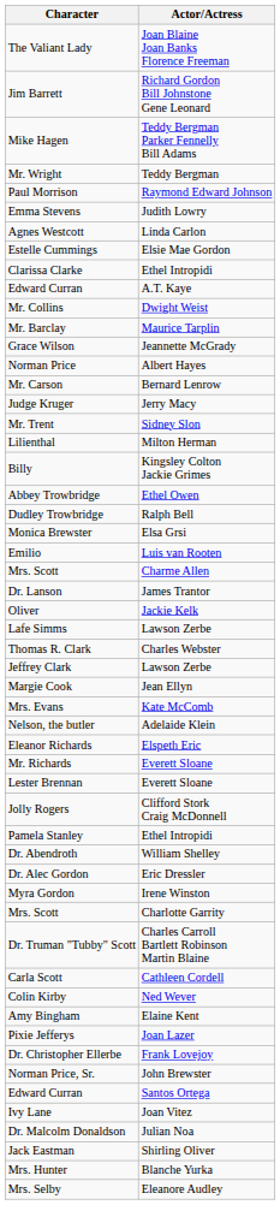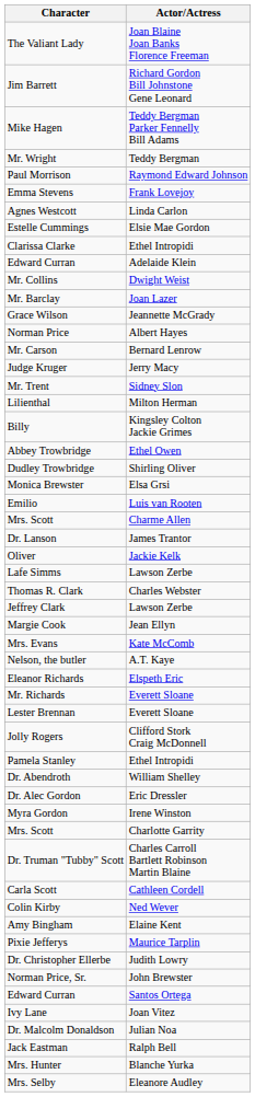 <table class="wikitable">
 <tr>
 <th>Character</th>
 <th>Actor/Actress</th>
 </tr>
 <tr>
 <td>The Valiant Lady</td>
 <td><a href='#'>Joan Blaine</a><br><a href='#'>Joan Banks</a><br><a href='#'>Florence Freeman</a></td>
 </tr>
 <tr>
 <td>Jim Barrett</td>
 <td><a href='#'>Richard Gordon</a><br><a href='#'>Bill Johnstone</a><br>Gene Leonard<br></td>
 </tr>
 <tr>
 <td>Mike Hagen</td>
 <td><a href='#'>Teddy Bergman</a><br><a href='#'>Parker Fennelly</a><br>Bill Adams</td>
 </tr>
 <tr>
 <td>Mr. Wright</td>
 <td>Teddy Bergman</td>
 </tr>
 <tr>
 <td>Paul Morrison</td>
 <td><a href='#'>Raymond Edward Johnson</a></td>
 </tr>
 <tr>
 <td>Emma Stevens</td>
-<td>Judith Lowry</td>
+<td><a href='#'>Frank Lovejoy</a></td>
 </tr>
 <tr>
 <td>Agnes Westcott</td>
 <td>Linda Carlon</td>
 </tr>
 <tr>
 <td>Estelle Cummings</td>
 <td>Elsie Mae Gordon</td>
 </tr>
 <tr>
 <td>Clarissa Clarke</td>
 <td>Ethel Intropidi</td>
 </tr>
 <tr>
 <td>Edward Curran</td>
-<td>A.T. Kaye</td>
+<td>Adelaide Klein</td>
 </tr>
 <tr>
 <td>Mr. Collins</td>
 <td><a href='#'>Dwight Weist</a></td>
 </tr>
 <tr>
 <td>Mr. Barclay</td>
-<td><a href='#'>Maurice Tarplin</a></td>
+<td><a href='#'>Joan Lazer</a></td>
 </tr>
 <tr>
 <td>Grace Wilson</td>
 <td>Jeannette McGrady</td>
 </tr>
 <tr>
 <td>Norman Price</td>
 <td>Albert Hayes</td>
 </tr>
 <tr>
 <td>Mr. Carson</td>
 <td>Bernard Lenrow</td>
 </tr>
 <tr>
 <td>Judge Kruger</td>
 <td>Jerry Macy</td>
 </tr>
 <tr>
 <td>Mr. Trent</td>
 <td><a href='#'>Sidney Slon</a></td>
 </tr>
 <tr>
 <td>Lilienthal</td>
 <td>Milton Herman</td>
 </tr>
 <tr>
 <td>Billy</td>
 <td>Kingsley Colton<br>Jackie Grimes</td>
 </tr>
 <tr>
 <td>Abbey Trowbridge</td>
 <td><a href='#'>Ethel Owen</a></td>
 </tr>
 <tr>
 <td>Dudley Trowbridge</td>
-<td>Ralph Bell</td>
+<td>Shirling Oliver</td>
 </tr>
 <tr>
 <td>Monica Brewster</td>
 <td>Elsa Grsi</td>
 </tr>
 <tr>
 <td>Emilio</td>
 <td><a href='#'>Luis van Rooten</a></td>
 </tr>
 <tr>
 <td>Mrs. Scott</td>
 <td><a href='#'>Charme Allen</a></td>
 </tr>
 <tr>
 <td>Dr. Lanson</td>
 <td>James Trantor</td>
 </tr>
 <tr>
 <td>Oliver</td>
 <td><a href='#'>Jackie Kelk</a></td>
 </tr>
 <tr>
 <td>Lafe Simms</td>
 <td>Lawson Zerbe</td>
 </tr>
 <tr>
 <td>Thomas R. Clark</td>
 <td>Charles Webster</td>
 </tr>
 <tr>
 <td>Jeffrey Clark</td>
 <td>Lawson Zerbe</td>
 </tr>
 <tr>
 <td>Margie Cook</td>
 <td>Jean Ellyn</td>
 </tr>
 <tr>
 <td>Mrs. Evans</td>
 <td><a href='#'>Kate McComb</a></td>
 </tr>
 <tr>
 <td>Nelson, the butler</td>
-<td>Adelaide Klein</td>
+<td>A.T. Kaye</td>
 </tr>
 <tr>
 <td>Eleanor Richards</td>
 <td><a href='#'>Elspeth Eric</a></td>
 </tr>
 <tr>
 <td>Mr. Richards</td>
 <td><a href='#'>Everett Sloane</a></td>
 </tr>
 <tr>
 <td>Lester Brennan</td>
 <td>Everett Sloane</td>
 </tr>
 <tr>
 <td>Jolly Rogers</td>
 <td>Clifford Stork<br>Craig McDonnell</td>
 </tr>
 <tr>
 <td>Pamela Stanley</td>
 <td>Ethel Intropidi</td>
 </tr>
 <tr>
 <td>Dr. Abendroth</td>
 <td>William Shelley</td>
 </tr>
 <tr>
 <td>Dr. Alec Gordon</td>
 <td>Eric Dressler</td>
 </tr>
 <tr>
 <td>Myra Gordon</td>
 <td>Irene Winston</td>
 </tr>
 <tr>
 <td>Mrs. Scott</td>
 <td>Charlotte Garrity</td>
 </tr>
 <tr>
 <td>Dr. Truman "Tubby" Scott</td>
 <td>Charles Carroll<br>Bartlett Robinson<br>Martin Blaine</td>
 </tr>
 <tr>
 <td>Carla Scott</td>
 <td><a href='#'>Cathleen Cordell</a></td>
 </tr>
 <tr>
 <td>Colin Kirby</td>
 <td><a href='#'>Ned Wever</a></td>
 </tr>
 <tr>
 <td>Amy Bingham</td>
 <td>Elaine Kent</td>
 </tr>
 <tr>
 <td>Pixie Jefferys</td>
-<td><a href='#'>Joan Lazer</a></td>
+<td><a href='#'>Maurice Tarplin</a></td>
 </tr>
 <tr>
 <td>Dr. Christopher Ellerbe</td>
-<td><a href='#'>Frank Lovejoy</a></td>
+<td>Judith Lowry</td>
 </tr>
 <tr>
 <td>Norman Price, Sr.</td>
 <td>John Brewster</td>
 </tr>
 <tr>
 <td>Edward Curran</td>
 <td><a href='#'>Santos Ortega</a></td>
 </tr>
 <tr>
 <td>Ivy Lane</td>
 <td>Joan Vitez</td>
 </tr>
 <tr>
 <td>Dr. Malcolm Donaldson</td>
 <td>Julian Noa</td>
 </tr>
 <tr>
 <td>Jack Eastman</td>
-<td>Shirling Oliver</td>
+<td>Ralph Bell</td>
 </tr>
 <tr>
 <td>Mrs. Hunter</td>
 <td>Blanche Yurka</td>
 </tr>
 <tr>
 <td>Mrs. Selby</td>
 <td>Eleanore Audley</td>
 </tr>
 </table>
